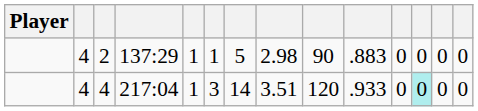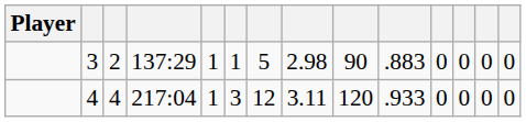 <table class="wikitable sortable" style="text-align:center;">
 <tr>
 <th>Player</th>
 <th></th>
 <th></th>
 <th></th>
 <th></th>
 <th></th>
 <th></th>
 <th></th>
 <th></th>
 <th></th>
 <th></th>
 <th></th>
 <th></th>
 <th></th>
 </tr>
 <tr>
 <td></td>
-<td>4</td>
+<td>3</td>
 <td>2</td>
 <td>137:29</td>
 <td>1</td>
 <td>1</td>
 <td>5</td>
 <td>2.98</td>
 <td>90</td>
 <td>.883</td>
 <td>0</td>
 <td>0</td>
 <td>0</td>
 <td>0</td>
 </tr>
 <tr>
 <td></td>
 <td>4</td>
 <td>4</td>
 <td>217:04</td>
 <td>1</td>
 <td>3</td>
-<td>14</td>
-<td>3.51</td>
+<td>12</td>
+<td>3.11</td>
 <td>120</td>
 <td>.933</td>
 <td>0</td>
-<td style="background: paleturquoise;">0</td>
+<td>0</td>
 <td>0</td>
 <td>0</td>
 </tr>
 </table>
